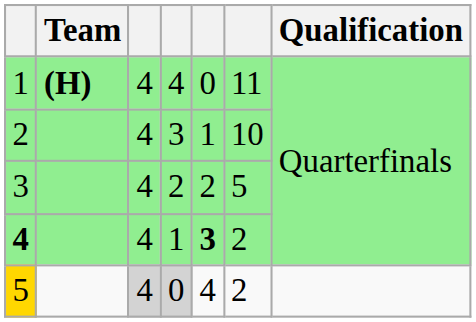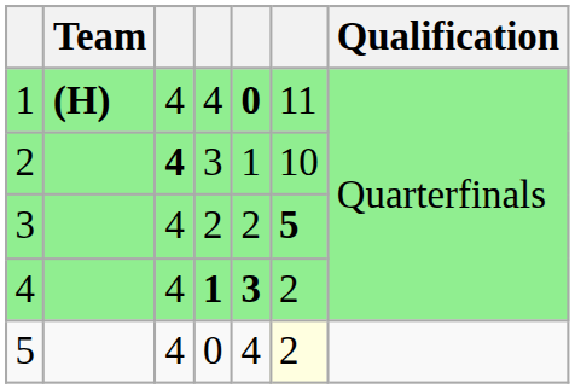 <table class="wikitable">
 <tr>
 <th></th>
 <th>Team</th>
 <th></th>
 <th></th>
 <th></th>
 <th></th>
 <th>Qualification</th>
 </tr>
 <tr bgcolor=lightgreen>
 <td>1</td>
 <td> <strong>(H)</strong></td>
 <td>4</td>
 <td>4</td>
-<td>0</td>
+<td><strong>0</strong></td>
 <td>11</td>
 <td rowspan=4>Quarterfinals</td>
 </tr>
 <tr bgcolor=lightgreen>
 <td>2</td>
 <td></td>
-<td>4</td>
+<td><strong>4</strong></td>
 <td>3</td>
 <td>1</td>
 <td>10</td>
 </tr>
 <tr bgcolor=lightgreen>
 <td>3</td>
 <td></td>
 <td>4</td>
 <td>2</td>
 <td>2</td>
-<td>5</td>
+<td><strong>5</strong></td>
 </tr>
 <tr bgcolor=lightgreen>
-<td><strong>4</strong></td>
+<td>4</td>
 <td></td>
 <td>4</td>
-<td>1</td>
+<td><strong>1</strong></td>
 <td><strong>3</strong></td>
 <td>2</td>
 </tr>
 <tr>
-<td style="background: gold;">5</td>
+<td>5</td>
 <td></td>
-<td style="background: lightgrey;">4</td>
-<td style="background: lightgrey;">0</td>
 <td>4</td>
-<td>2</td>
+<td>0</td>
+<td>4</td>
+<td style="background: lightyellow;">2</td>
 <td></td>
 </tr>
 </table>
